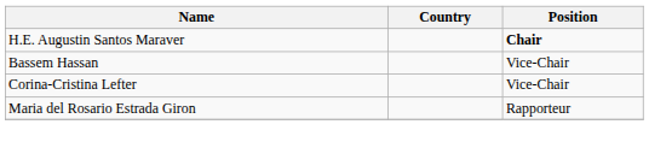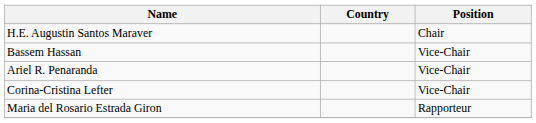 <table class="wikitable" style="display: inline-table; width: 45%">
 <tr>
 <th>Name</th>
 <th>Country</th>
 <th>Position</th>
 </tr>
 <tr>
 <td>H.E. Augustin Santos Maraver</td>
 <td></td>
-<td><strong>Chair</strong></td>
+<td>Chair</td>
 </tr>
 <tr>
 <td>Bassem Hassan</td>
+<td></td>
+<td>Vice-Chair</td>
+</tr>
+<tr>
+<td>Ariel R. Penaranda</td>
 <td></td>
 <td>Vice-Chair</td>
 </tr>
 <tr>
 <td>Corina-Cristina Lefter</td>
 <td></td>
 <td>Vice-Chair</td>
 </tr>
 <tr>
 <td>Maria del Rosario Estrada Giron</td>
 <td></td>
 <td>Rapporteur</td>
 </tr>
 <tr>
 </tr>
 </table>
